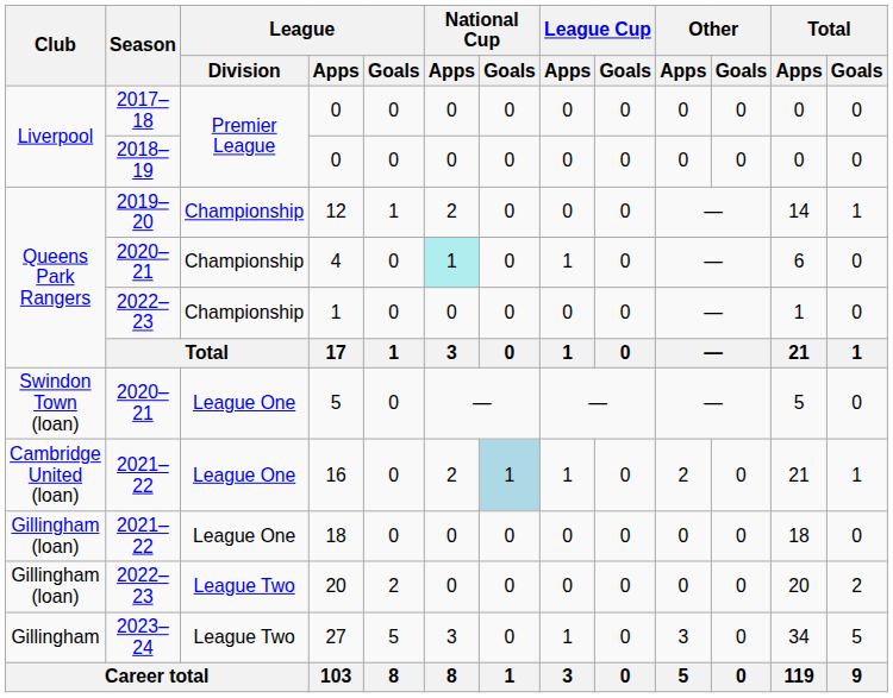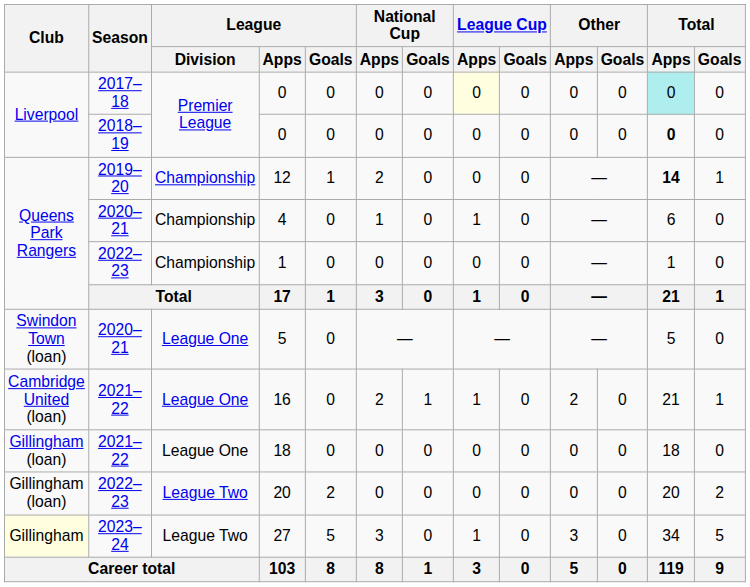 <table class=wikitable style="text-align: center;">
 <tr>
 <th rowspan=2>Club</th>
 <th rowspan=2>Season</th>
 <th colspan=3>League</th>
 <th colspan=2>National Cup</th>
 <th colspan=2><a href='#'>League Cup</a></th>
 <th colspan=2>Other</th>
 <th colspan=2>Total</th>
 </tr>
 <tr>
 <th>Division</th>
 <th>Apps</th>
 <th>Goals</th>
 <th>Apps</th>
 <th>Goals</th>
 <th>Apps</th>
 <th>Goals</th>
 <th>Apps</th>
 <th>Goals</th>
 <th>Apps</th>
 <th>Goals</th>
 </tr>
 <tr>
 <td rowspan=2><a href='#'>Liverpool</a></td>
 <td><a href='#'>2017–18</a></td>
 <td rowspan=2><a href='#'>Premier League</a></td>
 <td>0</td>
 <td>0</td>
 <td>0</td>
 <td>0</td>
+<td style="background: lightyellow;">0</td>
 <td>0</td>
 <td>0</td>
 <td>0</td>
-<td>0</td>
-<td>0</td>
+<td style="background: paleturquoise;">0</td>
 <td>0</td>
 </tr>
 <tr>
 <td><a href='#'>2018–19</a></td>
 <td>0</td>
 <td>0</td>
 <td>0</td>
 <td>0</td>
 <td>0</td>
 <td>0</td>
 <td>0</td>
 <td>0</td>
-<td>0</td>
+<td><strong>0</strong></td>
 <td>0</td>
 </tr>
 <tr>
 <td rowspan=4><a href='#'>Queens Park Rangers</a></td>
 <td><a href='#'>2019–20</a></td>
 <td><a href='#'>Championship</a></td>
 <td>12</td>
 <td>1</td>
 <td>2</td>
 <td>0</td>
 <td>0</td>
 <td>0</td>
 <td colspan=2>—</td>
-<td>14</td>
+<td><strong>14</strong></td>
 <td>1</td>
 </tr>
 <tr>
 <td><a href='#'>2020–21</a></td>
 <td>Championship</td>
 <td>4</td>
 <td>0</td>
-<td style="background: paleturquoise;">1</td>
+<td>1</td>
 <td>0</td>
 <td>1</td>
 <td>0</td>
 <td colspan=2>—</td>
 <td>6</td>
 <td>0</td>
 </tr>
 <tr>
 <td><a href='#'>2022–23</a></td>
 <td>Championship</td>
 <td>1</td>
 <td>0</td>
 <td>0</td>
 <td>0</td>
 <td>0</td>
 <td>0</td>
 <td colspan="2">—</td>
 <td>1</td>
 <td>0</td>
 </tr>
 <tr>
 <th colspan="2">Total</th>
 <th>17</th>
 <th>1</th>
 <th>3</th>
 <th>0</th>
 <th>1</th>
 <th>0</th>
 <th colspan=2>—</th>
 <th>21</th>
 <th>1</th>
 </tr>
 <tr>
 <td><a href='#'>Swindon Town</a> (loan)</td>
 <td><a href='#'>2020–21</a></td>
 <td><a href='#'>League One</a></td>
 <td>5</td>
 <td>0</td>
 <td colspan=2>—</td>
 <td colspan=2>—</td>
 <td colspan=2>—</td>
 <td>5</td>
 <td>0</td>
 </tr>
 <tr>
 <td><a href='#'>Cambridge United</a> (loan)</td>
 <td><a href='#'>2021–22</a></td>
 <td><a href='#'>League One</a></td>
 <td>16</td>
 <td>0</td>
 <td>2</td>
-<td style="background: lightblue;">1</td>
+<td>1</td>
 <td>1</td>
 <td>0</td>
 <td>2</td>
 <td>0</td>
 <td>21</td>
 <td>1</td>
 </tr>
 <tr>
 <td><a href='#'>Gillingham</a> (loan)</td>
 <td><a href='#'>2021–22</a></td>
 <td>League One</td>
 <td>18</td>
 <td>0</td>
 <td>0</td>
 <td>0</td>
 <td>0</td>
 <td>0</td>
 <td>0</td>
 <td>0</td>
 <td>18</td>
 <td>0</td>
 </tr>
 <tr>
 <td>Gillingham (loan)</td>
 <td><a href='#'>2022–23</a></td>
 <td><a href='#'>League Two</a></td>
 <td>20</td>
 <td>2</td>
 <td>0</td>
 <td>0</td>
 <td>0</td>
 <td>0</td>
 <td>0</td>
 <td>0</td>
 <td>20</td>
 <td>2</td>
 </tr>
 <tr>
-<td>Gillingham</td>
+<td style="background: lightyellow;">Gillingham</td>
 <td><a href='#'>2023–24</a></td>
 <td>League Two</td>
 <td>27</td>
 <td>5</td>
 <td>3</td>
 <td>0</td>
 <td>1</td>
 <td>0</td>
 <td>3</td>
 <td>0</td>
 <td>34</td>
 <td>5</td>
 </tr>
 <tr>
 <th colspan=3>Career total</th>
 <th>103</th>
 <th>8</th>
 <th>8</th>
 <th>1</th>
 <th>3</th>
 <th>0</th>
 <th>5</th>
 <th>0</th>
 <th>119</th>
 <th>9</th>
 </tr>
 </table>
